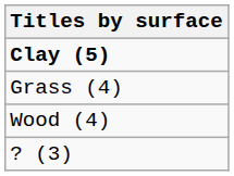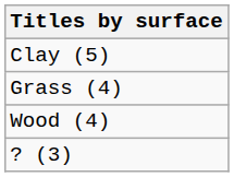 <table class=wikitable style=font-size:97%>
 <tr>
 <th>Titles by surface</th>
 </tr>
 <tr>
-<td><strong>Clay (5)</strong></td>
+<td>Clay (5)</td>
 </tr>
 <tr>
 <td>Grass (4)</td>
 </tr>
 <tr>
 <td>Wood (4)</td>
 </tr>
 <tr>
 <td>? (3)</td>
 </tr>
 </table>
